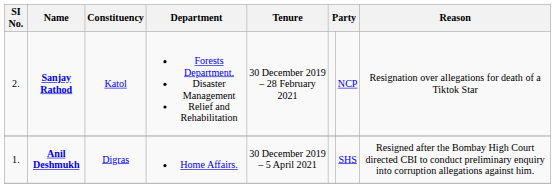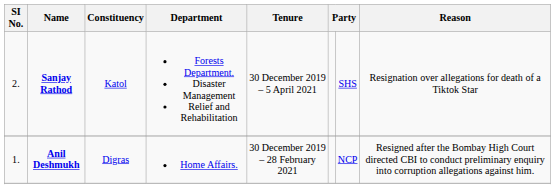 <table class = "wikitable">
 <tr>
 <th>SI No.</th>
 <th>Name</th>
 <th>Constituency</th>
 <th>Department</th>
 <th>Tenure</th>
 <th colspan="2" scope="col">Party</th>
 <th>Reason</th>
 </tr>
 <tr style="text-align:center; height:60px;">
 <td>2.</td>
 <td><strong><a href='#'>Sanjay Rathod</a></strong></td>
 <td><a href='#'>Katol</a></td>
 <td><br><ul><li><a href='#'>Forests Department.</a></li><li>Disaster Management</li><li>Relief and Rehabilitation</li></ul></td>
-<td>30 December 2019 – 28 February 2021</td>
+<td>30 December 2019 – 5 April 2021</td>
 <td width="4px"></td>
-<td><a href='#'>NCP</a></td>
+<td><a href='#'>SHS</a></td>
 <td>Resignation over allegations for death of a Tiktok Star</td>
 </tr>
 <tr>
 </tr>
 <tr style="text-align:center; height:60px;">
 <td>1.</td>
 <td><strong><a href='#'>Anil Deshmukh</a></strong></td>
 <td><a href='#'>Digras</a></td>
 <td><br><ul><li><a href='#'>Home Affairs.</a></li></ul></td>
-<td>30 December 2019 – 5 April 2021</td>
+<td>30 December 2019 – 28 February 2021</td>
 <td width="4px"></td>
-<td><a href='#'>SHS</a></td>
+<td><a href='#'>NCP</a></td>
 <td>Resigned after the Bombay High Court directed CBI to conduct preliminary enquiry into corruption allegations against him.</td>
 </tr>
 <tr>
 </tr>
 <tr>
 </tr>
 </table>
